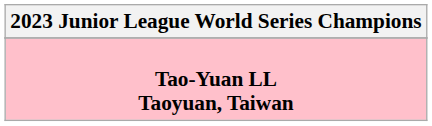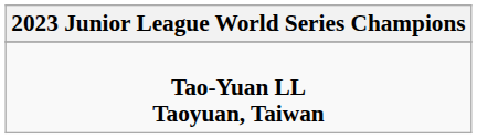 <table class="wikitable" style="text-align: center; margin: 0 auto;">
 <tr>
 <th>2023 Junior League World Series Champions</th>
 </tr>
 <tr>
 </tr>
 <tr>
-<td style="background: pink;"><br><strong>Tao-Yuan LL</strong><br><strong>Taoyuan, Taiwan</strong></td>
+<td><br><strong>Tao-Yuan LL</strong><br><strong>Taoyuan, Taiwan</strong></td>
 </tr>
 </table>
